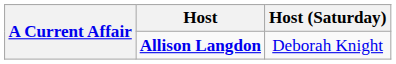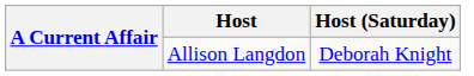 <table class="wikitable">
 <tr>
 <th rowspan=2><a href='#'>A Current Affair</a></th>
 <th>Host</th>
 <th>Host (Saturday)</th>
 </tr>
 <tr style="text-align:center">
-<td><strong><a href='#'>Allison Langdon</a></strong></td>
+<td><a href='#'>Allison Langdon</a></td>
 <td><a href='#'>Deborah Knight</a></td>
 </tr>
 </table>
